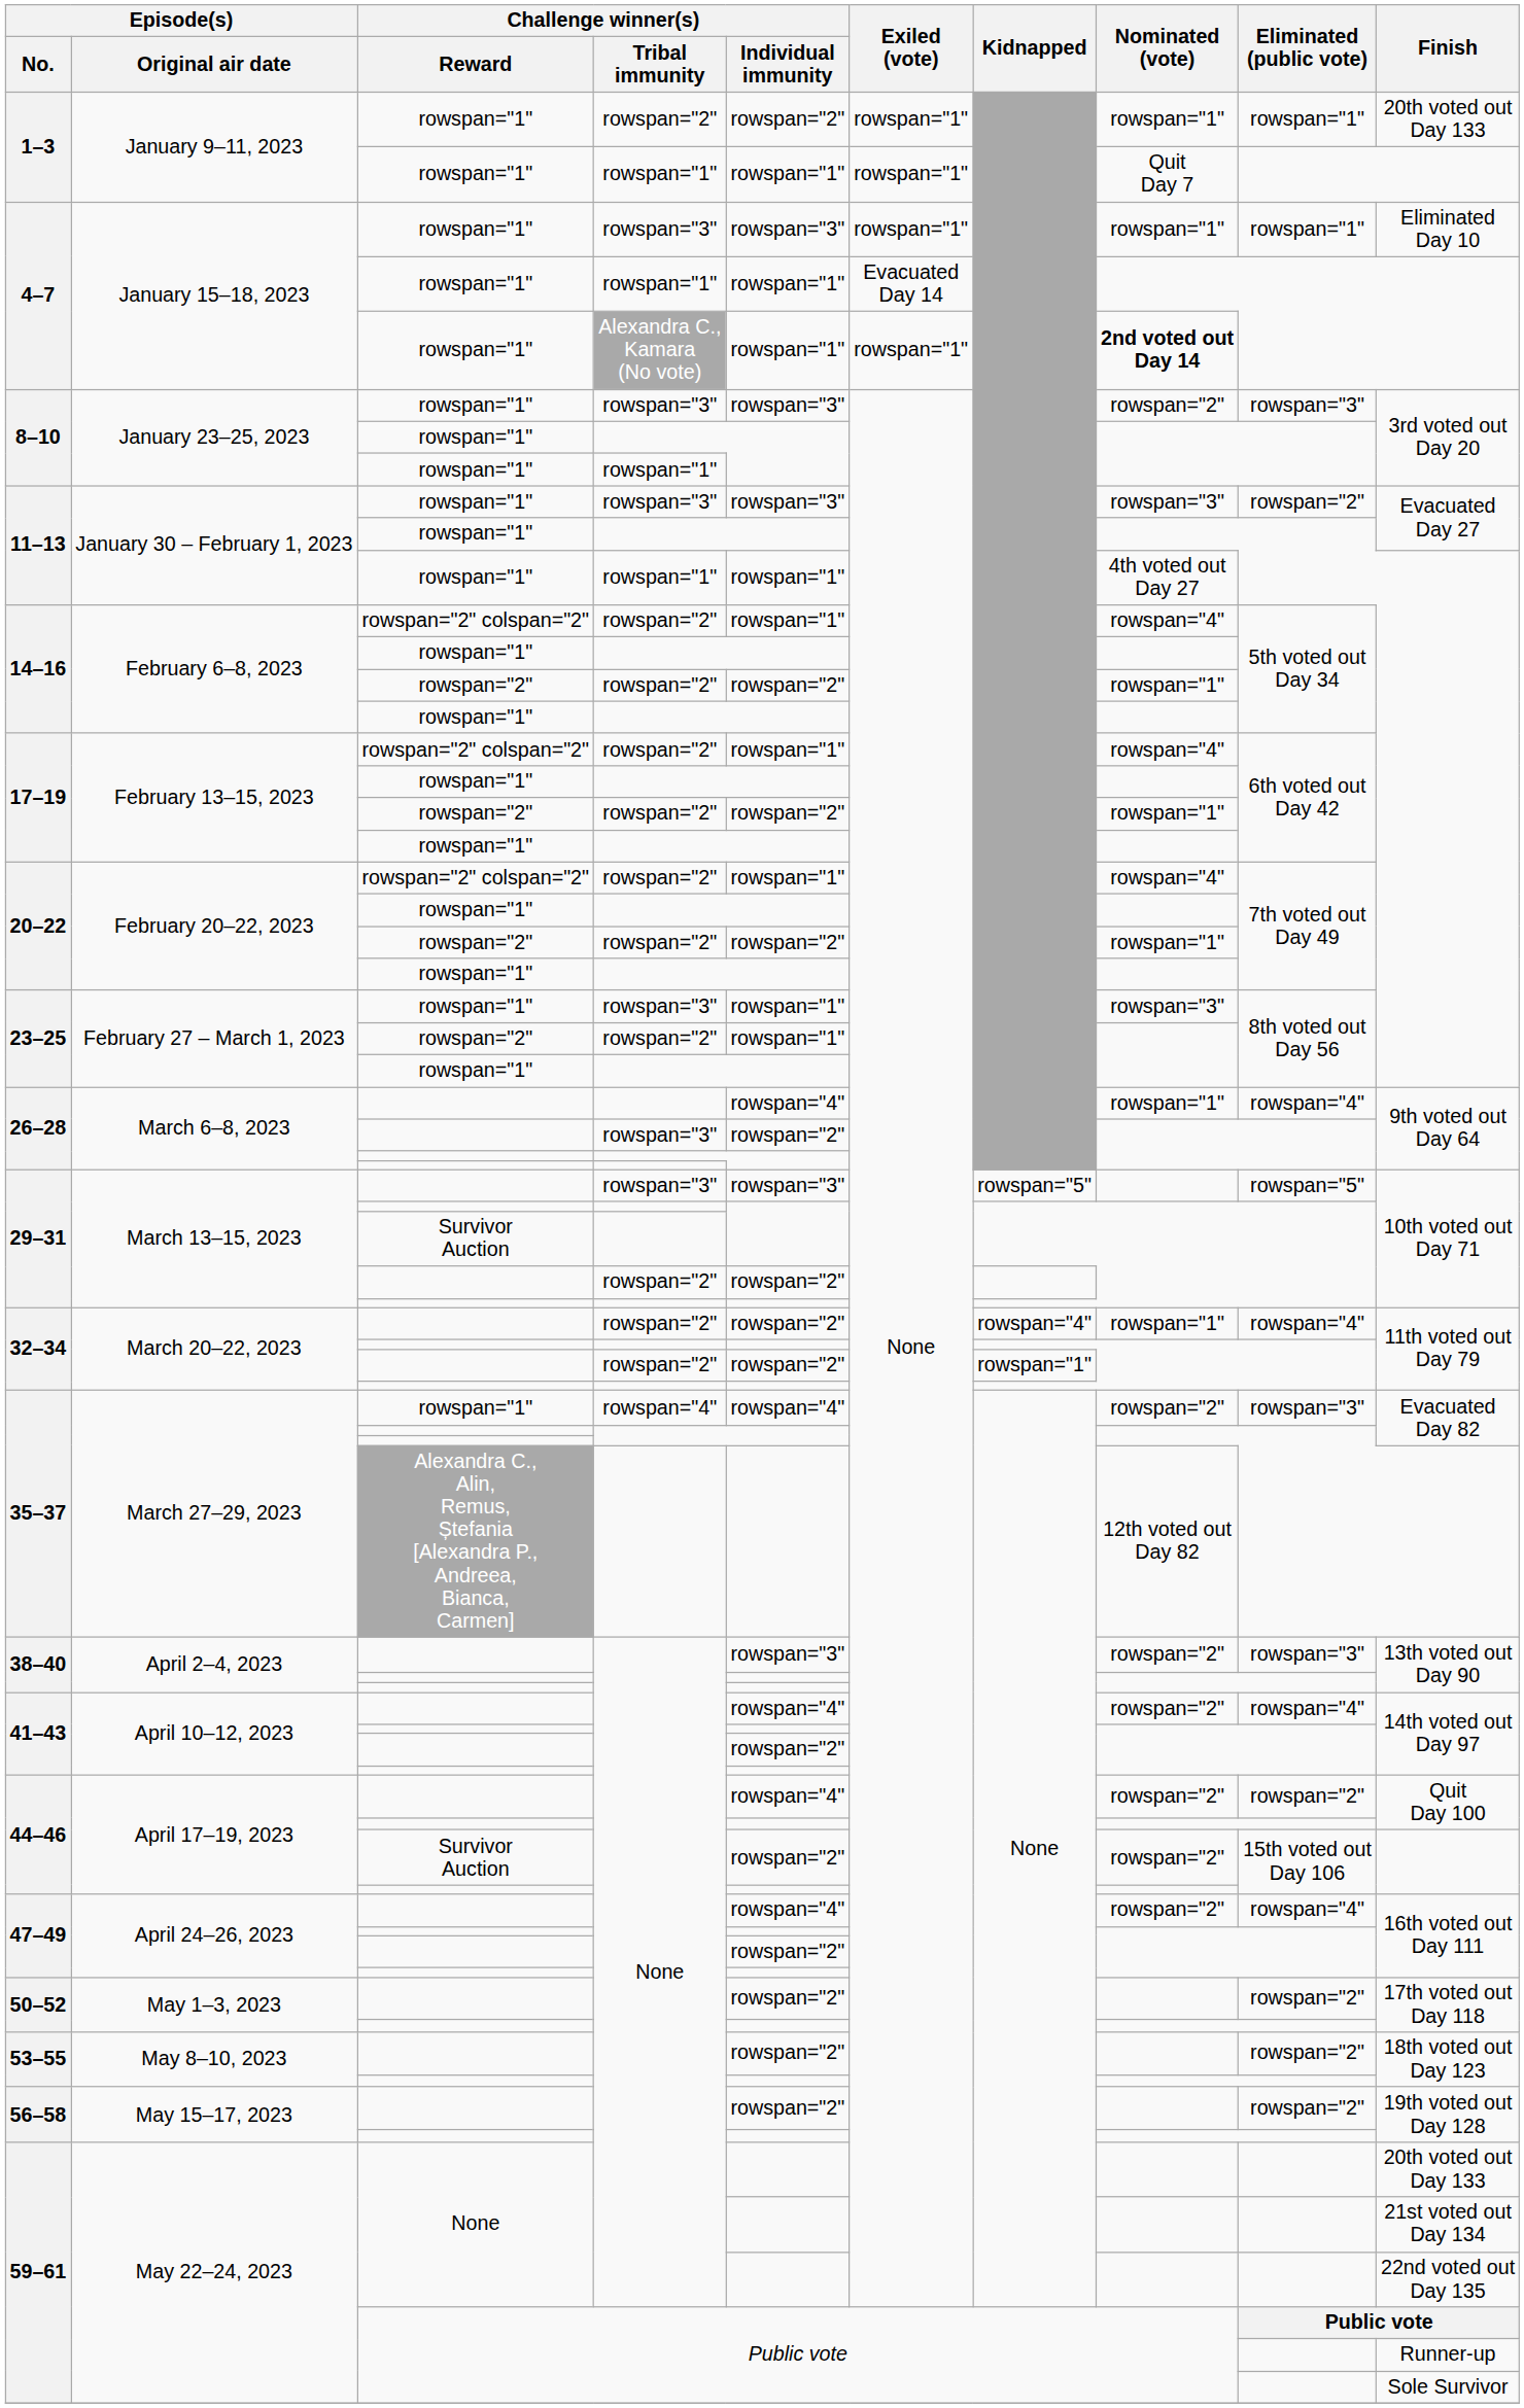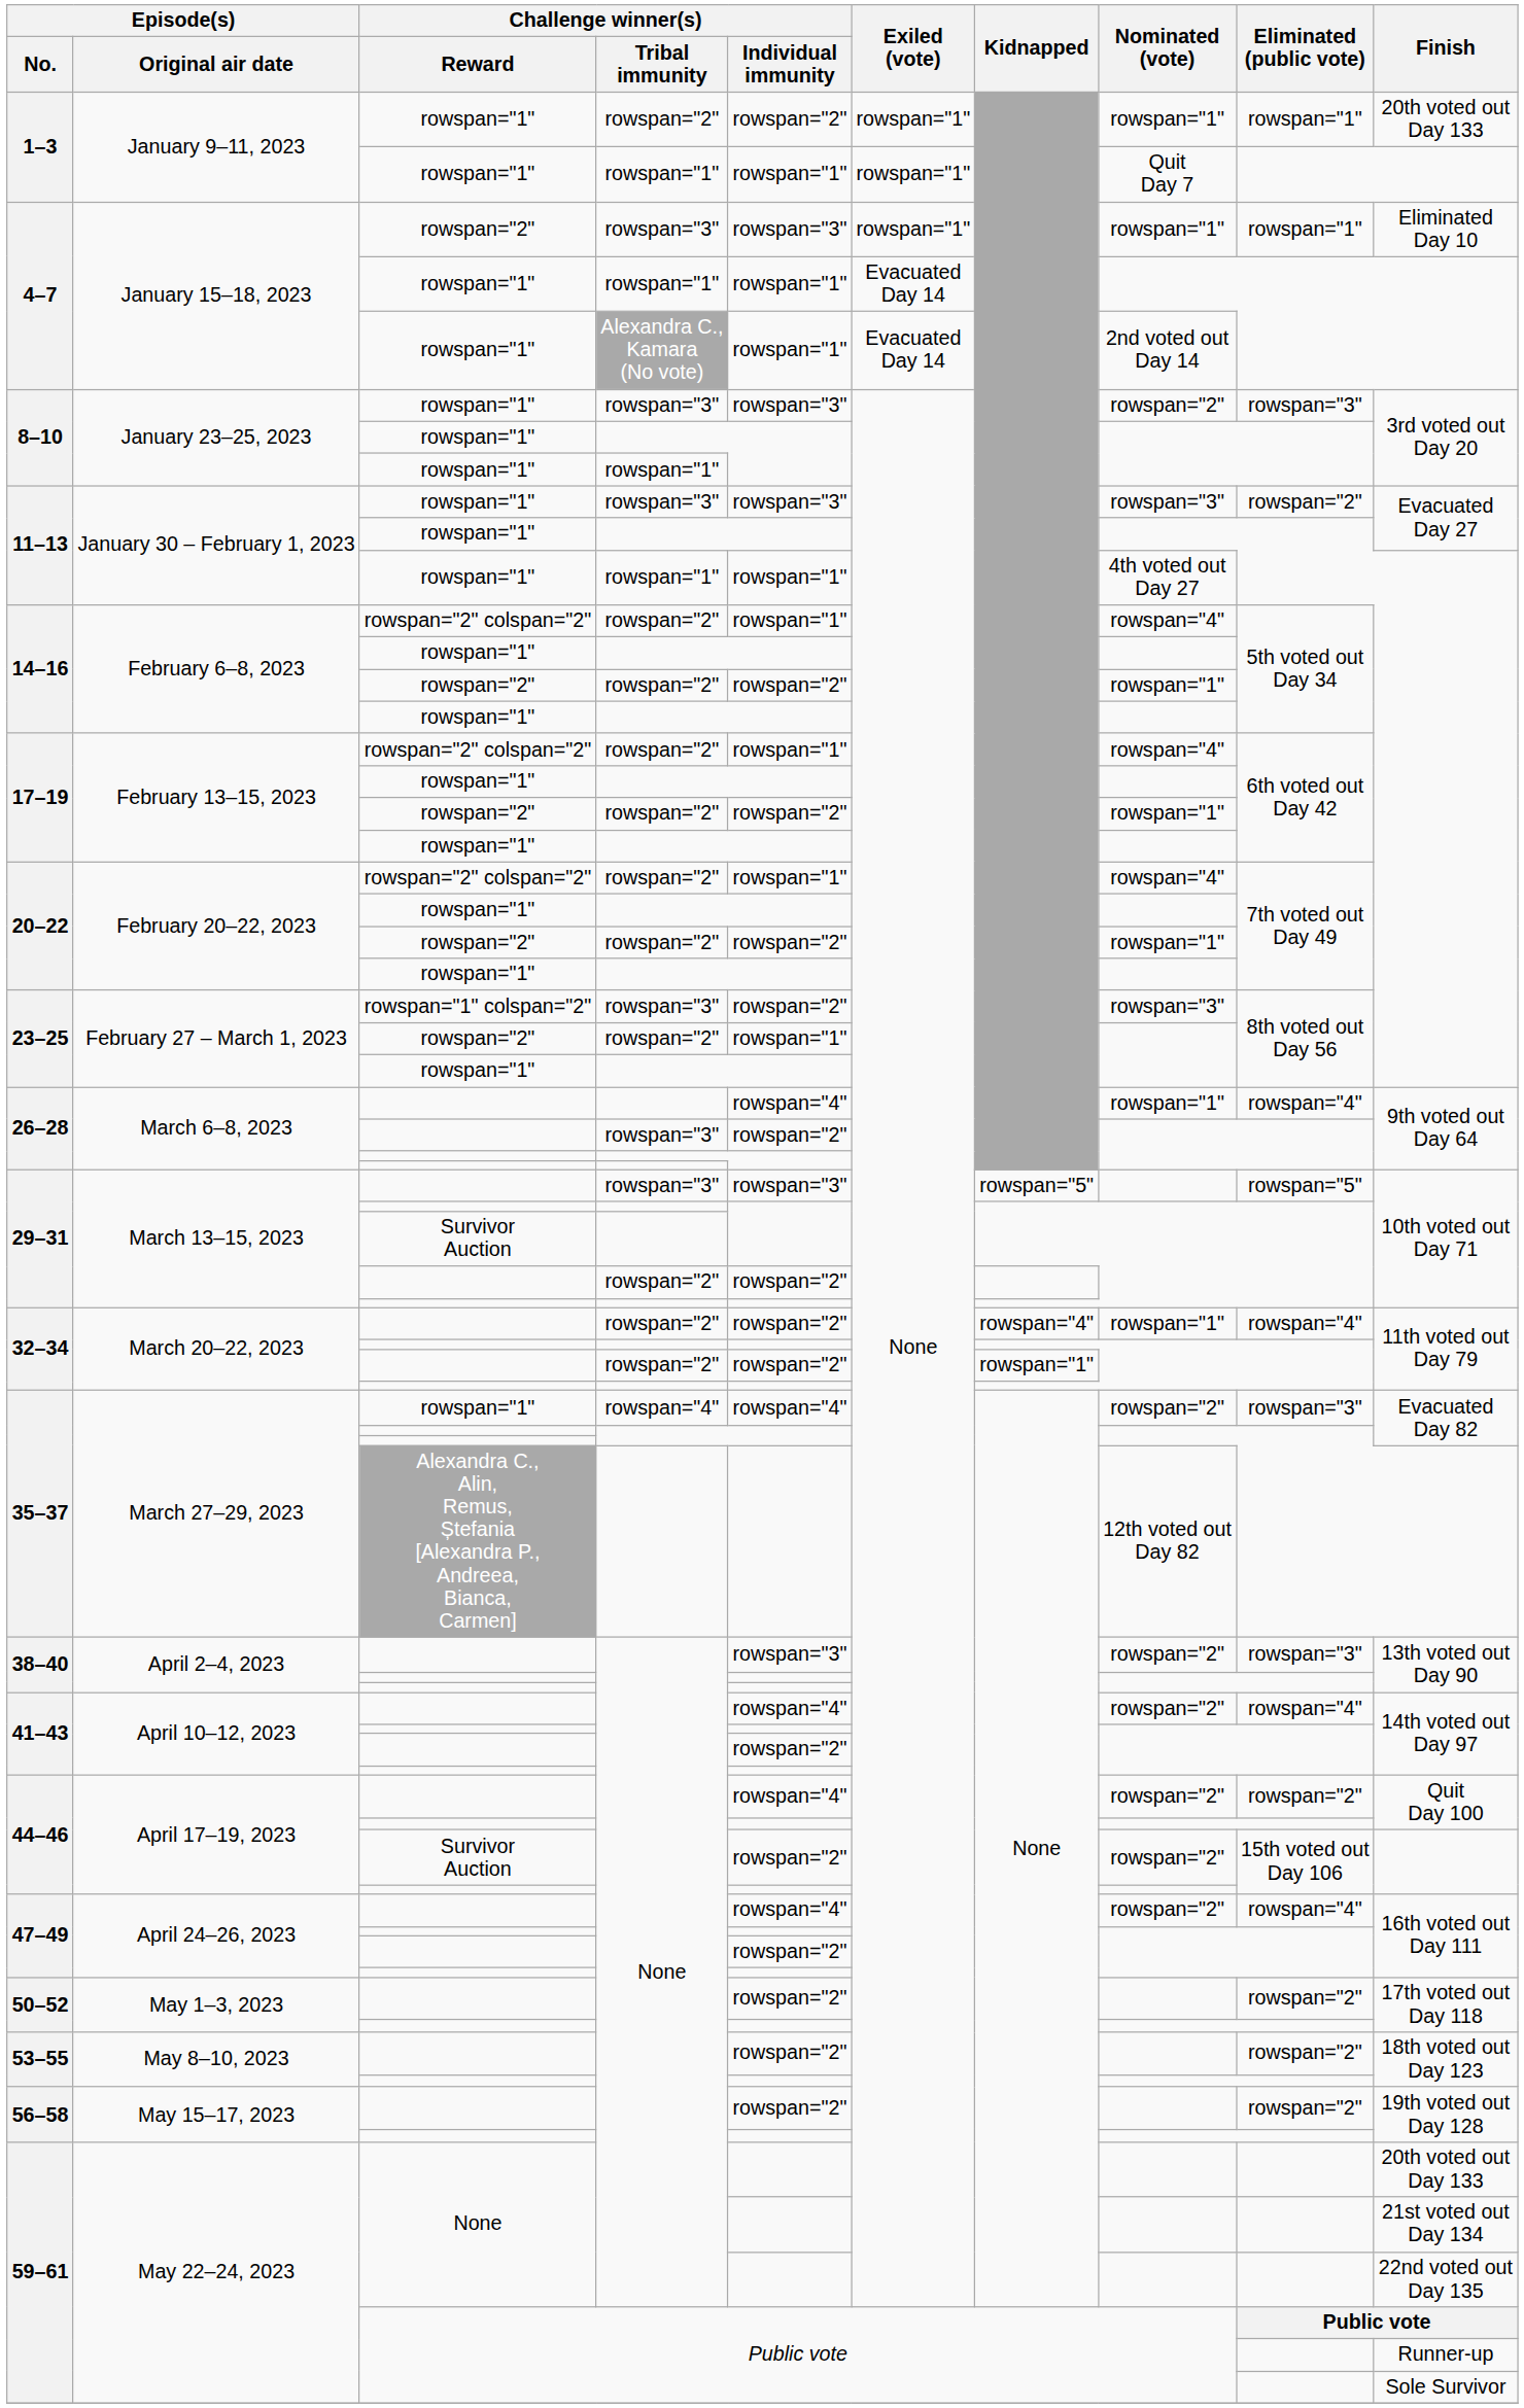 <table class="wikitable plainrowheaders nowrap" style="margin:auto; text-align:center">
 <tr>
 <th scope="col" colspan="2">Episode(s)</th>
 <th scope="col" colspan="3">Challenge winner(s)</th>
 <th scope="col" colspan="1" rowspan="2">Exiled <br>(vote)</th>
 <th scope="col" colspan="1" rowspan="2">Kidnapped</th>
 <th scope="col"  rowspan="2">Nominated <br> (vote)</th>
 <th scope="col" rowspan="2">Eliminated <br>(public vote)</th>
 <th scope="col" rowspan="2">Finish</th>
 </tr>
 <tr>
 <th scope="col" rowspan="1">No.</th>
 <th scope="col" rowspan="1">Original air date</th>
 <th scope="col" rowspan="1">Reward</th>
 <th scope="col" rowspan="1">Tribal<br> immunity</th>
 <th scope="col" rowspan="1">Individual<br> immunity</th>
 </tr>
 <tr>
 <th rowspan="2">1–3</th>
 <td rowspan="2">January 9–11, 2023</td>
 <td>rowspan="1"  </td>
 <td>rowspan="2"  </td>
 <td>rowspan="2"  </td>
 <td>rowspan="1"  </td>
 <td rowspan="30" style="background:darkgray"></td>
 <td>rowspan="1"  </td>
 <td>rowspan="1"  </td>
 <td rowspan="1">20th voted out <br>Day 133</td>
 </tr>
 <tr>
 <td>rowspan="1"  </td>
 <td>rowspan="1"  </td>
 <td>rowspan="1"  </td>
 <td>rowspan="1"  </td>
 <td rowspan="1">Quit<br> Day 7</td>
 </tr>
 <tr>
 <th rowspan="3">4–7</th>
 <td rowspan="3">January 15–18, 2023</td>
-<td>rowspan="1" </td>
+<td>rowspan="2"  </td>
 <td>rowspan="3"  </td>
 <td>rowspan="3" </td>
 <td>rowspan="1"  </td>
 <td>rowspan="1" </td>
 <td>rowspan="1" </td>
 <td rowspan="1">Eliminated <br>Day 10</td>
 </tr>
 <tr>
 <td>rowspan="1" </td>
 <td>rowspan="1" </td>
 <td>rowspan="1"  </td>
 <td rowspan="1">Evacuated <br>Day 14</td>
 </tr>
 <tr>
 <td>rowspan="1" </td>
 <td rowspan="1" style="background:darkgray; color:white">Alexandra C., <br> Kamara  <br>(No vote)</td>
 <td>rowspan="1" </td>
-<td>rowspan="1" </td>
-<td rowspan="1"><strong>2nd voted out <br>Day 14</strong></td>
+<td rowspan="1">Evacuated <br>Day 14</td>
+<td rowspan="1">2nd voted out <br>Day 14</td>
 </tr>
 <tr>
 <th rowspan="3">8–10</th>
 <td rowspan="3">January 23–25, 2023</td>
 <td>rowspan="1" </td>
 <td>rowspan="3" </td>
 <td>rowspan="3" </td>
 <td rowspan="62">None</td>
 <td>rowspan="2" </td>
 <td>rowspan="3" </td>
 <td rowspan="3">3rd voted out <br>Day 20</td>
 </tr>
 <tr>
 <td>rowspan="1" </td>
 </tr>
 <tr>
 <td>rowspan="1" </td>
 <td>rowspan="1" </td>
 </tr>
 <tr>
 <th rowspan="3">11–13</th>
 <td rowspan="3">January 30 – February 1, 2023</td>
 <td>rowspan="1" </td>
 <td>rowspan="3" </td>
 <td>rowspan="3" </td>
 <td>rowspan="3" </td>
 <td>rowspan="2" </td>
 <td rowspan="2">Evacuated <br>Day 27</td>
 </tr>
 <tr>
 <td>rowspan="1" </td>
 </tr>
 <tr>
 <td>rowspan="1" </td>
 <td>rowspan="1" </td>
 <td>rowspan="1" </td>
 <td rowspan="1">4th voted out <br>Day 27</td>
 </tr>
 <tr>
 <th rowspan="4">14–16</th>
 <td rowspan="4">February 6–8, 2023</td>
 <td>rowspan="2" colspan="2" </td>
 <td>rowspan="2" </td>
 <td>rowspan="1" </td>
 <td>rowspan="4" </td>
 <td rowspan="4">5th voted out <br>Day 34</td>
 </tr>
 <tr>
 <td>rowspan="1" </td>
 </tr>
 <tr>
 <td>rowspan="2" </td>
 <td>rowspan="2" </td>
 <td>rowspan="2" </td>
 <td>rowspan="1" </td>
 </tr>
 <tr>
 <td>rowspan="1" </td>
 </tr>
 <tr>
 <th rowspan="4">17–19</th>
 <td rowspan="4">February 13–15, 2023</td>
 <td>rowspan="2" colspan="2" </td>
 <td>rowspan="2" </td>
 <td>rowspan="1" </td>
 <td>rowspan="4" </td>
 <td rowspan="4">6th voted out <br>Day 42</td>
 </tr>
 <tr>
 <td>rowspan="1" </td>
 </tr>
 <tr>
 <td>rowspan="2" </td>
 <td>rowspan="2" </td>
 <td>rowspan="2" </td>
 <td>rowspan="1" </td>
 </tr>
 <tr>
 <td>rowspan="1" </td>
 </tr>
 <tr>
 <th rowspan="4">20–22</th>
 <td rowspan="4">February 20–22, 2023</td>
 <td>rowspan="2" colspan="2" </td>
 <td>rowspan="2" </td>
 <td>rowspan="1" </td>
 <td>rowspan="4" </td>
 <td rowspan="4">7th voted out <br>Day 49</td>
 </tr>
 <tr>
 <td>rowspan="1" </td>
 </tr>
 <tr>
 <td>rowspan="2" </td>
 <td>rowspan="2" </td>
 <td>rowspan="2" </td>
 <td>rowspan="1" </td>
 </tr>
 <tr>
 <td>rowspan="1" </td>
 </tr>
 <tr>
 <th rowspan="3">23–25</th>
 <td rowspan="3">February 27 – March 1, 2023</td>
-<td>rowspan="1" </td>
+<td>rowspan="1" colspan="2"</td>
 <td>rowspan="3" </td>
-<td>rowspan="1" </td>
+<td>rowspan="2" </td>
 <td>rowspan="3" </td>
 <td rowspan="3">8th voted out <br>Day 56</td>
 </tr>
 <tr>
 <td>rowspan="2" </td>
 <td>rowspan="2" </td>
 <td>rowspan="1" </td>
 </tr>
 <tr>
 <td>rowspan="1" </td>
 </tr>
 <tr>
 <th rowspan="4">26–28</th>
 <td rowspan="4">March 6–8, 2023</td>
 <td></td>
 <td></td>
 <td>rowspan="4" </td>
 <td>rowspan="1" </td>
 <td>rowspan="4" </td>
 <td rowspan="4">9th voted out <br>Day 64</td>
 </tr>
 <tr>
 <td></td>
 <td>rowspan="3" </td>
 <td>rowspan="2" </td>
 </tr>
 <tr>
 <td></td>
 </tr>
 <tr>
 <td></td>
 <td></td>
 </tr>
 <tr>
 <th rowspan="5">29–31</th>
 <td rowspan="5">March 13–15, 2023</td>
 <td></td>
 <td>rowspan="3" </td>
 <td>rowspan="3" </td>
 <td>rowspan="5" </td>
 <td></td>
 <td>rowspan="5" </td>
 <td rowspan="5">10th voted out <br>Day 71</td>
 </tr>
 <tr>
 <td></td>
 <td></td>
 </tr>
 <tr>
 <td>Survivor <br>Auction</td>
 <td></td>
 </tr>
 <tr>
 <td></td>
 <td>rowspan="2" </td>
 <td>rowspan="2" </td>
 <td></td>
 </tr>
 <tr>
 <td></td>
 <td></td>
 </tr>
 <tr>
 <th rowspan="4">32–34</th>
 <td rowspan="4">March 20–22, 2023</td>
 <td></td>
 <td>rowspan="2" </td>
 <td>rowspan="2" </td>
 <td>rowspan="4" </td>
 <td>rowspan="1" </td>
 <td>rowspan="4" </td>
 <td rowspan="4">11th voted out <br>Day 79</td>
 </tr>
 <tr>
 <td></td>
 <td></td>
 </tr>
 <tr>
 <td></td>
 <td>rowspan="2" </td>
 <td>rowspan="2" </td>
 <td>rowspan="1" </td>
 </tr>
 <tr>
 <td></td>
 <td></td>
 </tr>
 <tr>
 <th rowspan="4">35–37</th>
 <td rowspan="4">March 27–29, 2023</td>
 <td>rowspan="1" </td>
 <td>rowspan="4" </td>
 <td>rowspan="4" </td>
 <td rowspan="28">None</td>
 <td>rowspan="2" </td>
 <td>rowspan="3" </td>
 <td rowspan="3">Evacuated <br>Day 82</td>
 </tr>
 <tr>
 <td></td>
 </tr>
 <tr>
 <td></td>
 </tr>
 <tr>
 <td style="background:darkgray; color:white">Alexandra C.,<br> Alin,<br> Remus,<br> Ștefania <br> [Alexandra P., <br> Andreea, <br>Bianca, <br> Carmen]</td>
 <td></td>
 <td></td>
 <td rowspan="1">12th voted out <br>Day 82</td>
 </tr>
 <tr>
 <th rowspan="3">38–40</th>
 <td rowspan="3">April 2–4, 2023</td>
 <td></td>
 <td rowspan="24">None</td>
 <td>rowspan="3" </td>
 <td>rowspan="2" </td>
 <td>rowspan="3" </td>
 <td rowspan="3">13th voted out <br>Day 90</td>
 </tr>
 <tr>
 <td></td>
 </tr>
 <tr>
 <td></td>
 <td></td>
 </tr>
 <tr>
 <th rowspan="4">41–43</th>
 <td rowspan="4">April 10–12, 2023</td>
 <td></td>
 <td>rowspan="4" </td>
 <td>rowspan="2" </td>
 <td>rowspan="4" </td>
 <td rowspan="4">14th voted out <br>Day 97</td>
 </tr>
 <tr>
 <td></td>
 </tr>
 <tr>
 <td></td>
 <td>rowspan="2" </td>
 </tr>
 <tr>
 <td></td>
 </tr>
 <tr>
 <th rowspan="4">44–46</th>
 <td rowspan="4">April 17–19, 2023</td>
 <td></td>
 <td>rowspan="4" </td>
 <td>rowspan="2" </td>
 <td>rowspan="2" </td>
 <td rowspan="2">Quit <br>Day 100</td>
 </tr>
 <tr>
 <td></td>
 </tr>
 <tr>
 <td>Survivor <br>Auction</td>
 <td>rowspan="2" </td>
 <td>rowspan="2" </td>
 <td rowspan="2">15th voted out <br>Day 106</td>
 </tr>
 <tr>
 <td></td>
 </tr>
 <tr>
 <th rowspan="4">47–49</th>
 <td rowspan="4">April 24–26, 2023</td>
 <td></td>
 <td>rowspan="4" </td>
 <td>rowspan="2" </td>
 <td>rowspan="4" </td>
 <td rowspan="4">16th voted out <br>Day 111</td>
 </tr>
 <tr>
 <td></td>
 </tr>
 <tr>
 <td></td>
 <td>rowspan="2" </td>
 </tr>
 <tr>
 <td></td>
 </tr>
 <tr>
 <th rowspan="2">50–52</th>
 <td rowspan="2">May 1–3, 2023</td>
 <td></td>
 <td>rowspan="2" </td>
 <td></td>
 <td>rowspan="2" </td>
 <td rowspan="2">17th voted out <br>Day 118</td>
 </tr>
 <tr>
 <td></td>
 <td></td>
 </tr>
 <tr>
 <th rowspan="2">53–55</th>
 <td rowspan="2">May 8–10, 2023</td>
 <td></td>
 <td>rowspan="2" </td>
 <td></td>
 <td>rowspan="2" </td>
 <td rowspan="2">18th voted out <br>Day 123</td>
 </tr>
 <tr>
 <td></td>
 <td></td>
 </tr>
 <tr>
 <th rowspan="2">56–58</th>
 <td rowspan="2">May 15–17, 2023</td>
 <td></td>
 <td>rowspan="2"</td>
 <td></td>
 <td>rowspan="2" </td>
 <td rowspan="2">19th voted out <br>Day 128</td>
 </tr>
 <tr>
 <td></td>
 <td></td>
 </tr>
 <tr>
 <th rowspan="6">59–61</th>
 <td rowspan="6">May 22–24, 2023</td>
 <td rowspan="3">None</td>
 <td></td>
 <td></td>
 <td></td>
 <td rowspan="1">20th voted out <br>Day 133</td>
 </tr>
 <tr>
 <td></td>
 <td></td>
 <td></td>
 <td rowspan="1">21st voted out <br>Day 134</td>
 </tr>
 <tr>
 <td></td>
 <td></td>
 <td></td>
 <td rowspan="1">22nd voted out <br>Day 135</td>
 </tr>
 <tr>
 <td rowspan="3" colspan="6"><em>Public vote</em></td>
 <th colspan="2">Public vote</th>
 </tr>
 <tr>
 <td></td>
 <td>Runner-up</td>
 </tr>
 <tr>
 <td></td>
 <td>Sole Survivor</td>
 </tr>
 <tr>
 </tr>
 </table>
